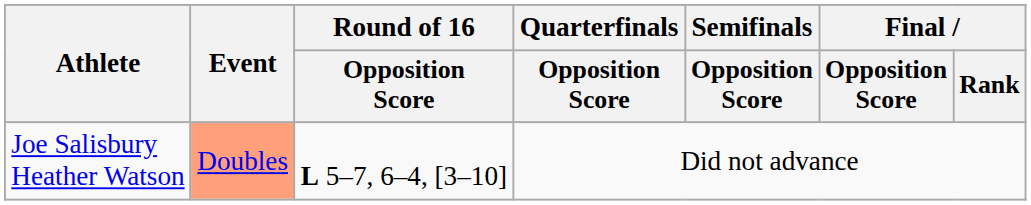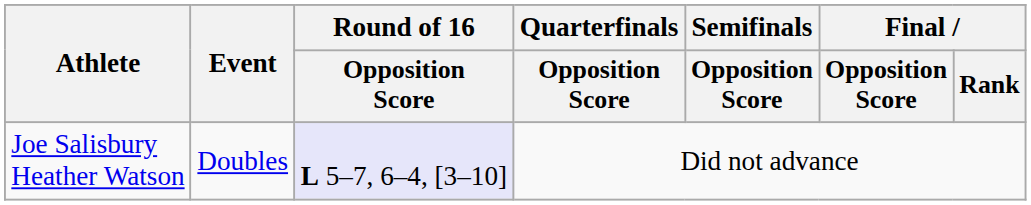 <table class=wikitable style="font-size:90%">
 <tr>
 <th rowspan="2">Athlete</th>
 <th rowspan="2">Event</th>
 <th>Round of 16</th>
 <th>Quarterfinals</th>
 <th>Semifinals</th>
 <th colspan=2>Final / </th>
 </tr>
 <tr style="font-size:95%">
 <th>Opposition<br>Score</th>
 <th>Opposition<br>Score</th>
 <th>Opposition<br>Score</th>
 <th>Opposition<br>Score</th>
 <th>Rank</th>
 </tr>
 <tr align=center>
 <td align=left><a href='#'>Joe Salisbury</a><br><a href='#'>Heather Watson</a></td>
-<td align=left style="background: lightsalmon;"><a href='#'>Doubles</a></td>
-<td><br><strong>L</strong> 5–7, 6–4, [3–10]</td>
+<td align=left><a href='#'>Doubles</a></td>
+<td style="background: lavender;"><br><strong>L</strong> 5–7, 6–4, [3–10]</td>
 <td colspan=4>Did not advance</td>
 </tr>
 </table>
